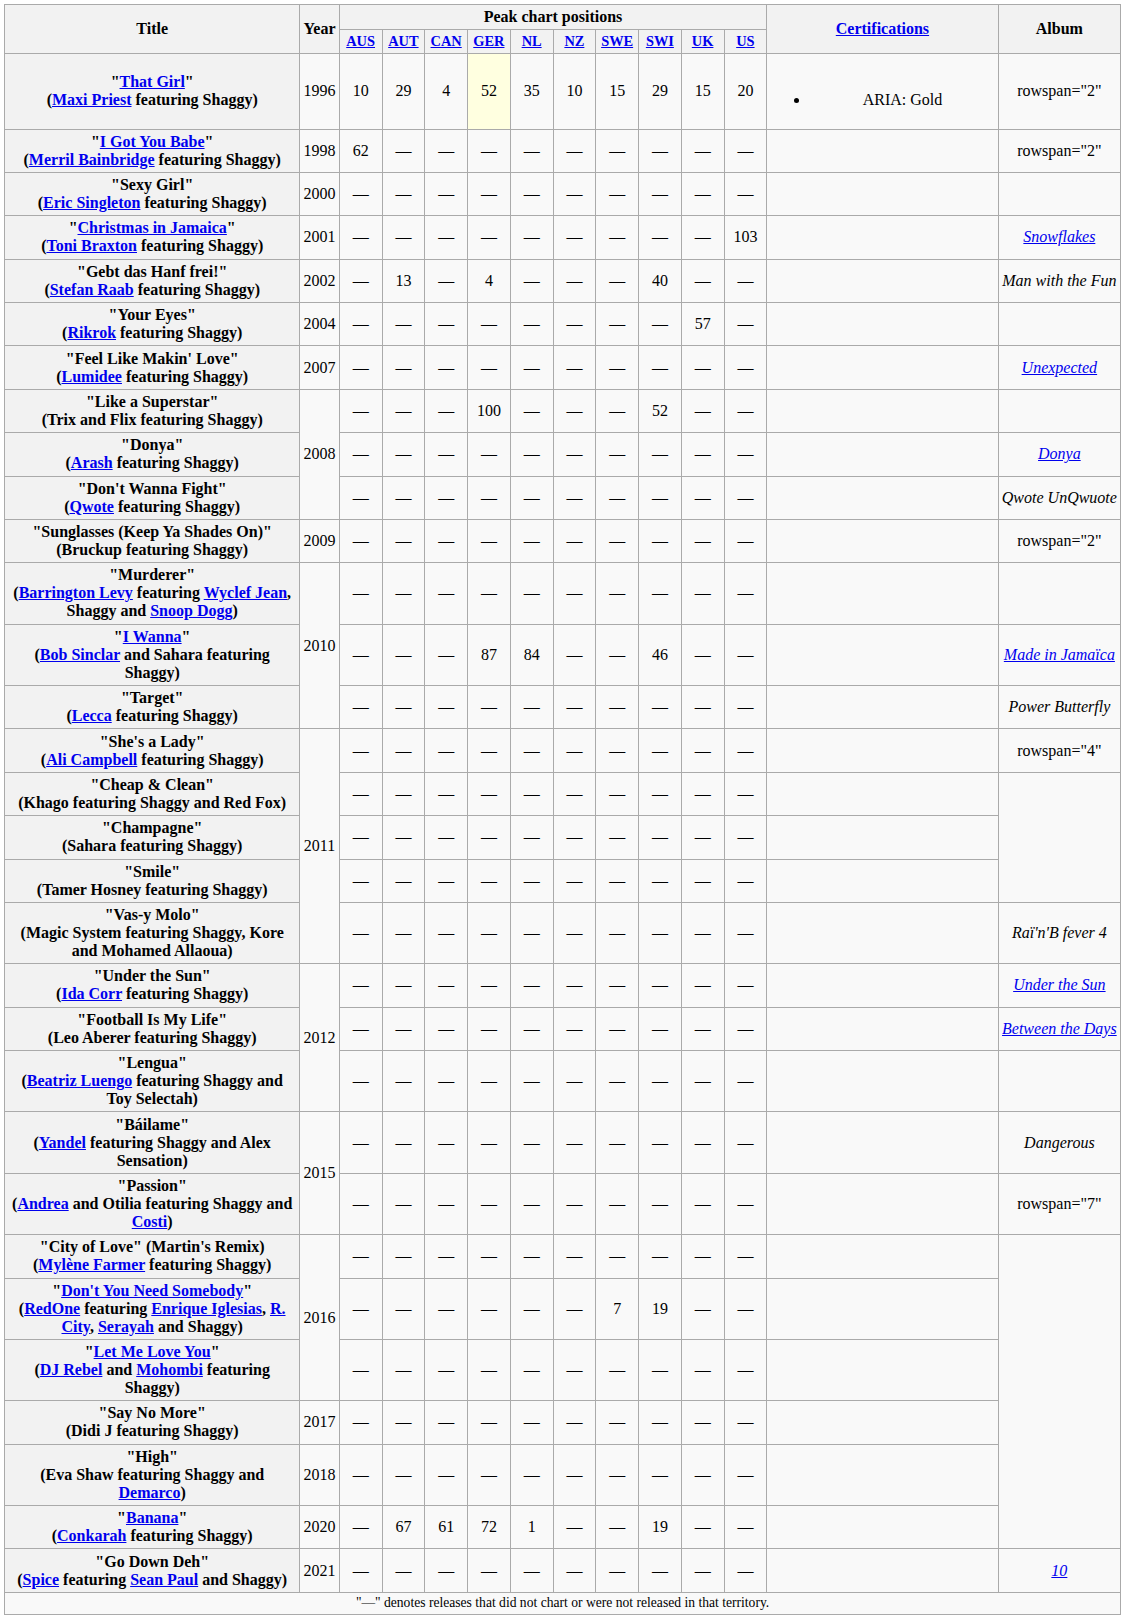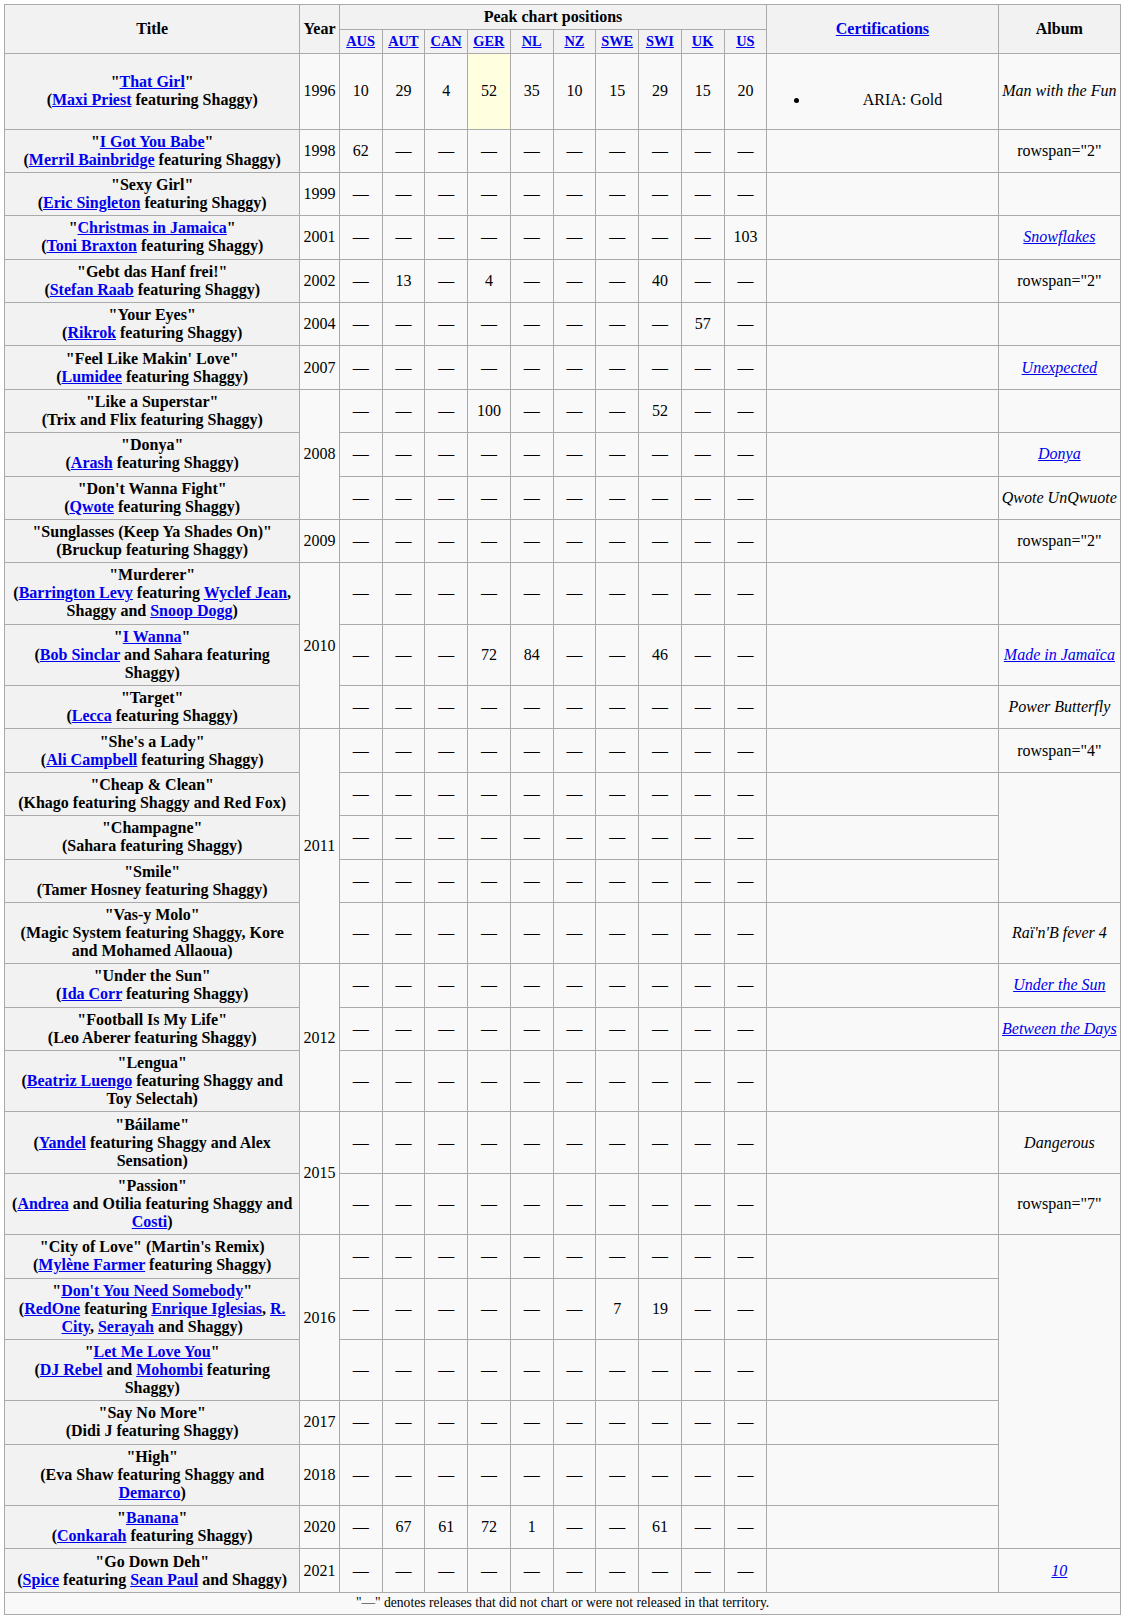 <table class="wikitable plainrowheaders" style="text-align:center;">
 <tr>
 <th scope="col" rowspan="2" style="width:18em;">Title</th>
 <th scope="col" rowspan="2">Year</th>
 <th scope="col" colspan="10">Peak chart positions</th>
 <th scope="col" rowspan="2" style="width:14em;"><a href='#'>Certifications</a></th>
 <th scope="col" rowspan="2">Album</th>
 </tr>
 <tr>
 <th scope="col" style="width:2.5em;font-size:90%;"><a href='#'>AUS</a><br></th>
 <th scope="col" style="width:2.5em;font-size:90%;"><a href='#'>AUT</a><br></th>
 <th scope="col" style="width:2.5em;font-size:90%;"><a href='#'>CAN</a><br></th>
 <th scope="col" style="width:2.5em;font-size:90%;"><a href='#'>GER</a><br></th>
 <th scope="col" style="width:2.5em;font-size:90%;"><a href='#'>NL</a><br></th>
 <th scope="col" style="width:2.5em;font-size:90%;"><a href='#'>NZ</a><br></th>
 <th scope="col" style="width:2.5em;font-size:90%;"><a href='#'>SWE</a><br></th>
 <th scope="col" style="width:2.5em;font-size:90%;"><a href='#'>SWI</a><br></th>
 <th scope="col" style="width:2.5em;font-size:90%;"><a href='#'>UK</a><br></th>
 <th scope="col" style="width:2.5em;font-size:90%;"><a href='#'>US</a><br></th>
 </tr>
 <tr>
 <th scope="row">"<a href='#'>That Girl</a>"<br><span>(<a href='#'>Maxi Priest</a> featuring Shaggy)</span></th>
 <td>1996</td>
 <td>10</td>
 <td>29</td>
 <td>4</td>
 <td style="background: lightyellow;">52</td>
 <td>35</td>
 <td>10</td>
 <td>15</td>
 <td>29</td>
 <td>15</td>
 <td>20</td>
 <td><br><ul><li>ARIA: Gold</li></ul></td>
-<td>rowspan="2" </td>
+<td><em>Man with the Fun</em></td>
 </tr>
 <tr>
 <th scope="row">"<a href='#'>I Got You Babe</a>"<br><span>(<a href='#'>Merril Bainbridge</a> featuring Shaggy)</span></th>
 <td>1998</td>
 <td>62</td>
 <td>—</td>
 <td>—</td>
 <td>—</td>
 <td>—</td>
 <td>—</td>
 <td>—</td>
 <td>—</td>
 <td>—</td>
 <td>—</td>
 <td></td>
 <td>rowspan="2" </td>
 </tr>
 <tr>
 <th scope="row">"Sexy Girl"<br><span>(<a href='#'>Eric Singleton</a> featuring Shaggy)</span></th>
-<td>2000</td>
+<td>1999</td>
 <td>—</td>
 <td>—</td>
 <td>—</td>
 <td>—</td>
 <td>—</td>
 <td>—</td>
 <td>—</td>
 <td>—</td>
 <td>—</td>
 <td>—</td>
 <td></td>
 <td></td>
 </tr>
 <tr>
 <th scope="row">"<a href='#'>Christmas in Jamaica</a>"<br><span>(<a href='#'>Toni Braxton</a> featuring Shaggy)</span></th>
 <td>2001</td>
 <td>—</td>
 <td>—</td>
 <td>—</td>
 <td>—</td>
 <td>—</td>
 <td>—</td>
 <td>—</td>
 <td>—</td>
 <td>—</td>
 <td>103</td>
 <td></td>
 <td><em><a href='#'>Snowflakes</a></em></td>
 </tr>
 <tr>
 <th scope="row">"Gebt das Hanf frei!"<br><span>(<a href='#'>Stefan Raab</a> featuring Shaggy)</span></th>
 <td>2002</td>
 <td>—</td>
 <td>13</td>
 <td>—</td>
 <td>4</td>
 <td>—</td>
 <td>—</td>
 <td>—</td>
 <td>40</td>
 <td>—</td>
 <td>—</td>
 <td></td>
-<td><em>Man with the Fun</em></td>
+<td>rowspan="2" </td>
 </tr>
 <tr>
 <th scope="row">"Your Eyes"<br><span>(<a href='#'>Rikrok</a> featuring Shaggy)</span></th>
 <td>2004</td>
 <td>—</td>
 <td>—</td>
 <td>—</td>
 <td>—</td>
 <td>—</td>
 <td>—</td>
 <td>—</td>
 <td>—</td>
 <td>57</td>
 <td>—</td>
 <td></td>
 </tr>
 <tr>
 <th scope="row">"Feel Like Makin' Love"<br><span>(<a href='#'>Lumidee</a> featuring Shaggy)</span></th>
 <td>2007</td>
 <td>—</td>
 <td>—</td>
 <td>—</td>
 <td>—</td>
 <td>—</td>
 <td>—</td>
 <td>—</td>
 <td>—</td>
 <td>—</td>
 <td>—</td>
 <td></td>
 <td><em><a href='#'>Unexpected</a></em></td>
 </tr>
 <tr>
 <th scope="row">"Like a Superstar"<br><span>(Trix and Flix featuring Shaggy)</span></th>
 <td rowspan="3">2008</td>
 <td>—</td>
 <td>—</td>
 <td>—</td>
 <td>100</td>
 <td>—</td>
 <td>—</td>
 <td>—</td>
 <td>52</td>
 <td>—</td>
 <td>—</td>
 <td></td>
 <td></td>
 </tr>
 <tr>
 <th scope="row">"Donya"<br><span>(<a href='#'>Arash</a> featuring Shaggy)</span></th>
 <td>—</td>
 <td>—</td>
 <td>—</td>
 <td>—</td>
 <td>—</td>
 <td>—</td>
 <td>—</td>
 <td>—</td>
 <td>—</td>
 <td>—</td>
 <td></td>
 <td><em><a href='#'>Donya</a></em></td>
 </tr>
 <tr>
 <th scope="row">"Don't Wanna Fight"<br><span>(<a href='#'>Qwote</a> featuring Shaggy)</span></th>
 <td>—</td>
 <td>—</td>
 <td>—</td>
 <td>—</td>
 <td>—</td>
 <td>—</td>
 <td>—</td>
 <td>—</td>
 <td>—</td>
 <td>—</td>
 <td></td>
 <td><em>Qwote UnQwuote</em></td>
 </tr>
 <tr>
 <th scope="row">"Sunglasses (Keep Ya Shades On)"<br><span>(Bruckup featuring Shaggy)</span></th>
 <td>2009</td>
 <td>—</td>
 <td>—</td>
 <td>—</td>
 <td>—</td>
 <td>—</td>
 <td>—</td>
 <td>—</td>
 <td>—</td>
 <td>—</td>
 <td>—</td>
 <td></td>
 <td>rowspan="2" </td>
 </tr>
 <tr>
 <th scope="row">"Murderer"<br><span>(<a href='#'>Barrington Levy</a> featuring <a href='#'>Wyclef Jean</a>, Shaggy and <a href='#'>Snoop Dogg</a>)</span></th>
 <td rowspan="3">2010</td>
 <td>—</td>
 <td>—</td>
 <td>—</td>
 <td>—</td>
 <td>—</td>
 <td>—</td>
 <td>—</td>
 <td>—</td>
 <td>—</td>
 <td>—</td>
 <td></td>
 </tr>
 <tr>
 <th scope="row">"<a href='#'>I Wanna</a>"<br><span>(<a href='#'>Bob Sinclar</a> and Sahara featuring Shaggy)</span></th>
 <td>—</td>
 <td>—</td>
 <td>—</td>
-<td>87</td>
+<td>72</td>
 <td>84</td>
 <td>—</td>
 <td>—</td>
 <td>46</td>
 <td>—</td>
 <td>—</td>
 <td></td>
 <td><em><a href='#'>Made in Jamaïca</a></em></td>
 </tr>
 <tr>
 <th scope="row">"Target"<br><span>(<a href='#'>Lecca</a> featuring Shaggy)</span></th>
 <td>—</td>
 <td>—</td>
 <td>—</td>
 <td>—</td>
 <td>—</td>
 <td>—</td>
 <td>—</td>
 <td>—</td>
 <td>—</td>
 <td>—</td>
 <td></td>
 <td><em>Power Butterfly</em></td>
 </tr>
 <tr>
 <th scope="row">"She's a Lady"<br><span>(<a href='#'>Ali Campbell</a> featuring Shaggy)</span></th>
 <td rowspan="5">2011</td>
 <td>—</td>
 <td>—</td>
 <td>—</td>
 <td>—</td>
 <td>—</td>
 <td>—</td>
 <td>—</td>
 <td>—</td>
 <td>—</td>
 <td>—</td>
 <td></td>
 <td>rowspan="4" </td>
 </tr>
 <tr>
 <th scope="row">"Cheap & Clean"<br><span>(Khago featuring Shaggy and Red Fox)</span></th>
 <td>—</td>
 <td>—</td>
 <td>—</td>
 <td>—</td>
 <td>—</td>
 <td>—</td>
 <td>—</td>
 <td>—</td>
 <td>—</td>
 <td>—</td>
 <td></td>
 </tr>
 <tr>
 <th scope="row">"Champagne"<br><span>(Sahara featuring Shaggy)</span></th>
 <td>—</td>
 <td>—</td>
 <td>—</td>
 <td>—</td>
 <td>—</td>
 <td>—</td>
 <td>—</td>
 <td>—</td>
 <td>—</td>
 <td>—</td>
 <td></td>
 </tr>
 <tr>
 <th scope="row">"Smile"<br><span>(Tamer Hosney featuring Shaggy)</span></th>
 <td>—</td>
 <td>—</td>
 <td>—</td>
 <td>—</td>
 <td>—</td>
 <td>—</td>
 <td>—</td>
 <td>—</td>
 <td>—</td>
 <td>—</td>
 <td></td>
 </tr>
 <tr>
 <th scope="row">"Vas-y Molo"<br><span>(Magic System featuring Shaggy, Kore and Mohamed Allaoua)</span></th>
 <td>—</td>
 <td>—</td>
 <td>—</td>
 <td>—</td>
 <td>—</td>
 <td>—</td>
 <td>—</td>
 <td>—</td>
 <td>—</td>
 <td>—</td>
 <td></td>
 <td><em>Raï'n'B fever 4</em></td>
 </tr>
 <tr>
 <th scope="row">"Under the Sun"<br><span>(<a href='#'>Ida Corr</a> featuring Shaggy)</span></th>
 <td rowspan="3">2012</td>
 <td>—</td>
 <td>—</td>
 <td>—</td>
 <td>—</td>
 <td>—</td>
 <td>—</td>
 <td>—</td>
 <td>—</td>
 <td>—</td>
 <td>—</td>
 <td></td>
 <td><em><a href='#'>Under the Sun</a></em></td>
 </tr>
 <tr>
 <th scope="row">"Football Is My Life"<br><span>(Leo Aberer featuring Shaggy)</span></th>
 <td>—</td>
 <td>—</td>
 <td>—</td>
 <td>—</td>
 <td>—</td>
 <td>—</td>
 <td>—</td>
 <td>—</td>
 <td>—</td>
 <td>—</td>
 <td></td>
 <td><em><a href='#'>Between the Days</a></em></td>
 </tr>
 <tr>
 <th scope="row">"Lengua"<br><span>(<a href='#'>Beatriz Luengo</a> featuring Shaggy and Toy Selectah)</span></th>
 <td>—</td>
 <td>—</td>
 <td>—</td>
 <td>—</td>
 <td>—</td>
 <td>—</td>
 <td>—</td>
 <td>—</td>
 <td>—</td>
 <td>—</td>
 <td></td>
 </tr>
 <tr>
 <th scope="row">"Báilame"<br><span>(<a href='#'>Yandel</a> featuring Shaggy and Alex Sensation)</span></th>
 <td rowspan="2">2015</td>
 <td>—</td>
 <td>—</td>
 <td>—</td>
 <td>—</td>
 <td>—</td>
 <td>—</td>
 <td>—</td>
 <td>—</td>
 <td>—</td>
 <td>—</td>
 <td></td>
 <td><em>Dangerous</em></td>
 </tr>
 <tr>
 <th scope="row">"Passion"<br><span>(<a href='#'>Andrea</a> and Otilia featuring Shaggy and <a href='#'>Costi</a>)</span></th>
 <td>—</td>
 <td>—</td>
 <td>—</td>
 <td>—</td>
 <td>—</td>
 <td>—</td>
 <td>—</td>
 <td>—</td>
 <td>—</td>
 <td>—</td>
 <td></td>
 <td>rowspan="7" </td>
 </tr>
 <tr>
 <th scope="row">"City of Love" (Martin's Remix)<br><span>(<a href='#'>Mylène Farmer</a> featuring Shaggy)</span></th>
 <td rowspan="3">2016</td>
 <td>—</td>
 <td>—</td>
 <td>—</td>
 <td>—</td>
 <td>—</td>
 <td>—</td>
 <td>—</td>
 <td>—</td>
 <td>—</td>
 <td>—</td>
 <td></td>
 </tr>
 <tr>
 <th scope="row">"<a href='#'>Don't You Need Somebody</a>"<br><span>(<a href='#'>RedOne</a> featuring <a href='#'>Enrique Iglesias</a>, <a href='#'>R. City</a>, <a href='#'>Serayah</a> and Shaggy)</span></th>
 <td>—</td>
 <td>—</td>
 <td>—</td>
 <td>—</td>
 <td>—</td>
 <td>—</td>
 <td>7</td>
 <td>19</td>
 <td>—</td>
 <td>—</td>
 <td></td>
 </tr>
 <tr>
 <th scope="row">"<a href='#'>Let Me Love You</a>"<br><span>(<a href='#'>DJ Rebel</a> and <a href='#'>Mohombi</a> featuring Shaggy)</span></th>
 <td>—</td>
 <td>—</td>
 <td>—</td>
 <td>—</td>
 <td>—</td>
 <td>—</td>
 <td>—</td>
 <td>—</td>
 <td>—</td>
 <td>—</td>
 <td></td>
 </tr>
 <tr>
 <th scope="row">"Say No More"<br><span>(Didi J featuring Shaggy)</span></th>
 <td>2017</td>
 <td>—</td>
 <td>—</td>
 <td>—</td>
 <td>—</td>
 <td>—</td>
 <td>—</td>
 <td>—</td>
 <td>—</td>
 <td>—</td>
 <td>—</td>
 <td></td>
 </tr>
 <tr>
 <th scope="row">"High"<br><span>(Eva Shaw featuring Shaggy and <a href='#'>Demarco</a>)</span></th>
 <td>2018</td>
 <td>—</td>
 <td>—</td>
 <td>—</td>
 <td>—</td>
 <td>—</td>
 <td>—</td>
 <td>—</td>
 <td>—</td>
 <td>—</td>
 <td>—</td>
 <td></td>
 </tr>
 <tr>
 <th scope="row">"<a href='#'>Banana</a>"<br><span>(<a href='#'>Conkarah</a> featuring Shaggy)</span></th>
 <td>2020</td>
 <td>—</td>
 <td>67</td>
 <td>61</td>
 <td>72</td>
 <td>1</td>
 <td>—</td>
 <td>—</td>
-<td>19</td>
+<td>61</td>
 <td>—</td>
 <td>—</td>
 <td></td>
 </tr>
 <tr>
 <th scope="row">"Go Down Deh"<br><span>(<a href='#'>Spice</a> featuring <a href='#'>Sean Paul</a> and Shaggy)</span></th>
 <td>2021</td>
 <td>—</td>
 <td>—</td>
 <td>—</td>
 <td>—</td>
 <td>—</td>
 <td>—</td>
 <td>—</td>
 <td>—</td>
 <td>—</td>
 <td>—</td>
 <td></td>
 <td><em><a href='#'>10</a></em></td>
 </tr>
 <tr>
 <td colspan="15" style="text-align:center; font-size:85%">"—" denotes releases that did not chart or were not released in that territory.</td>
 </tr>
 </table>
